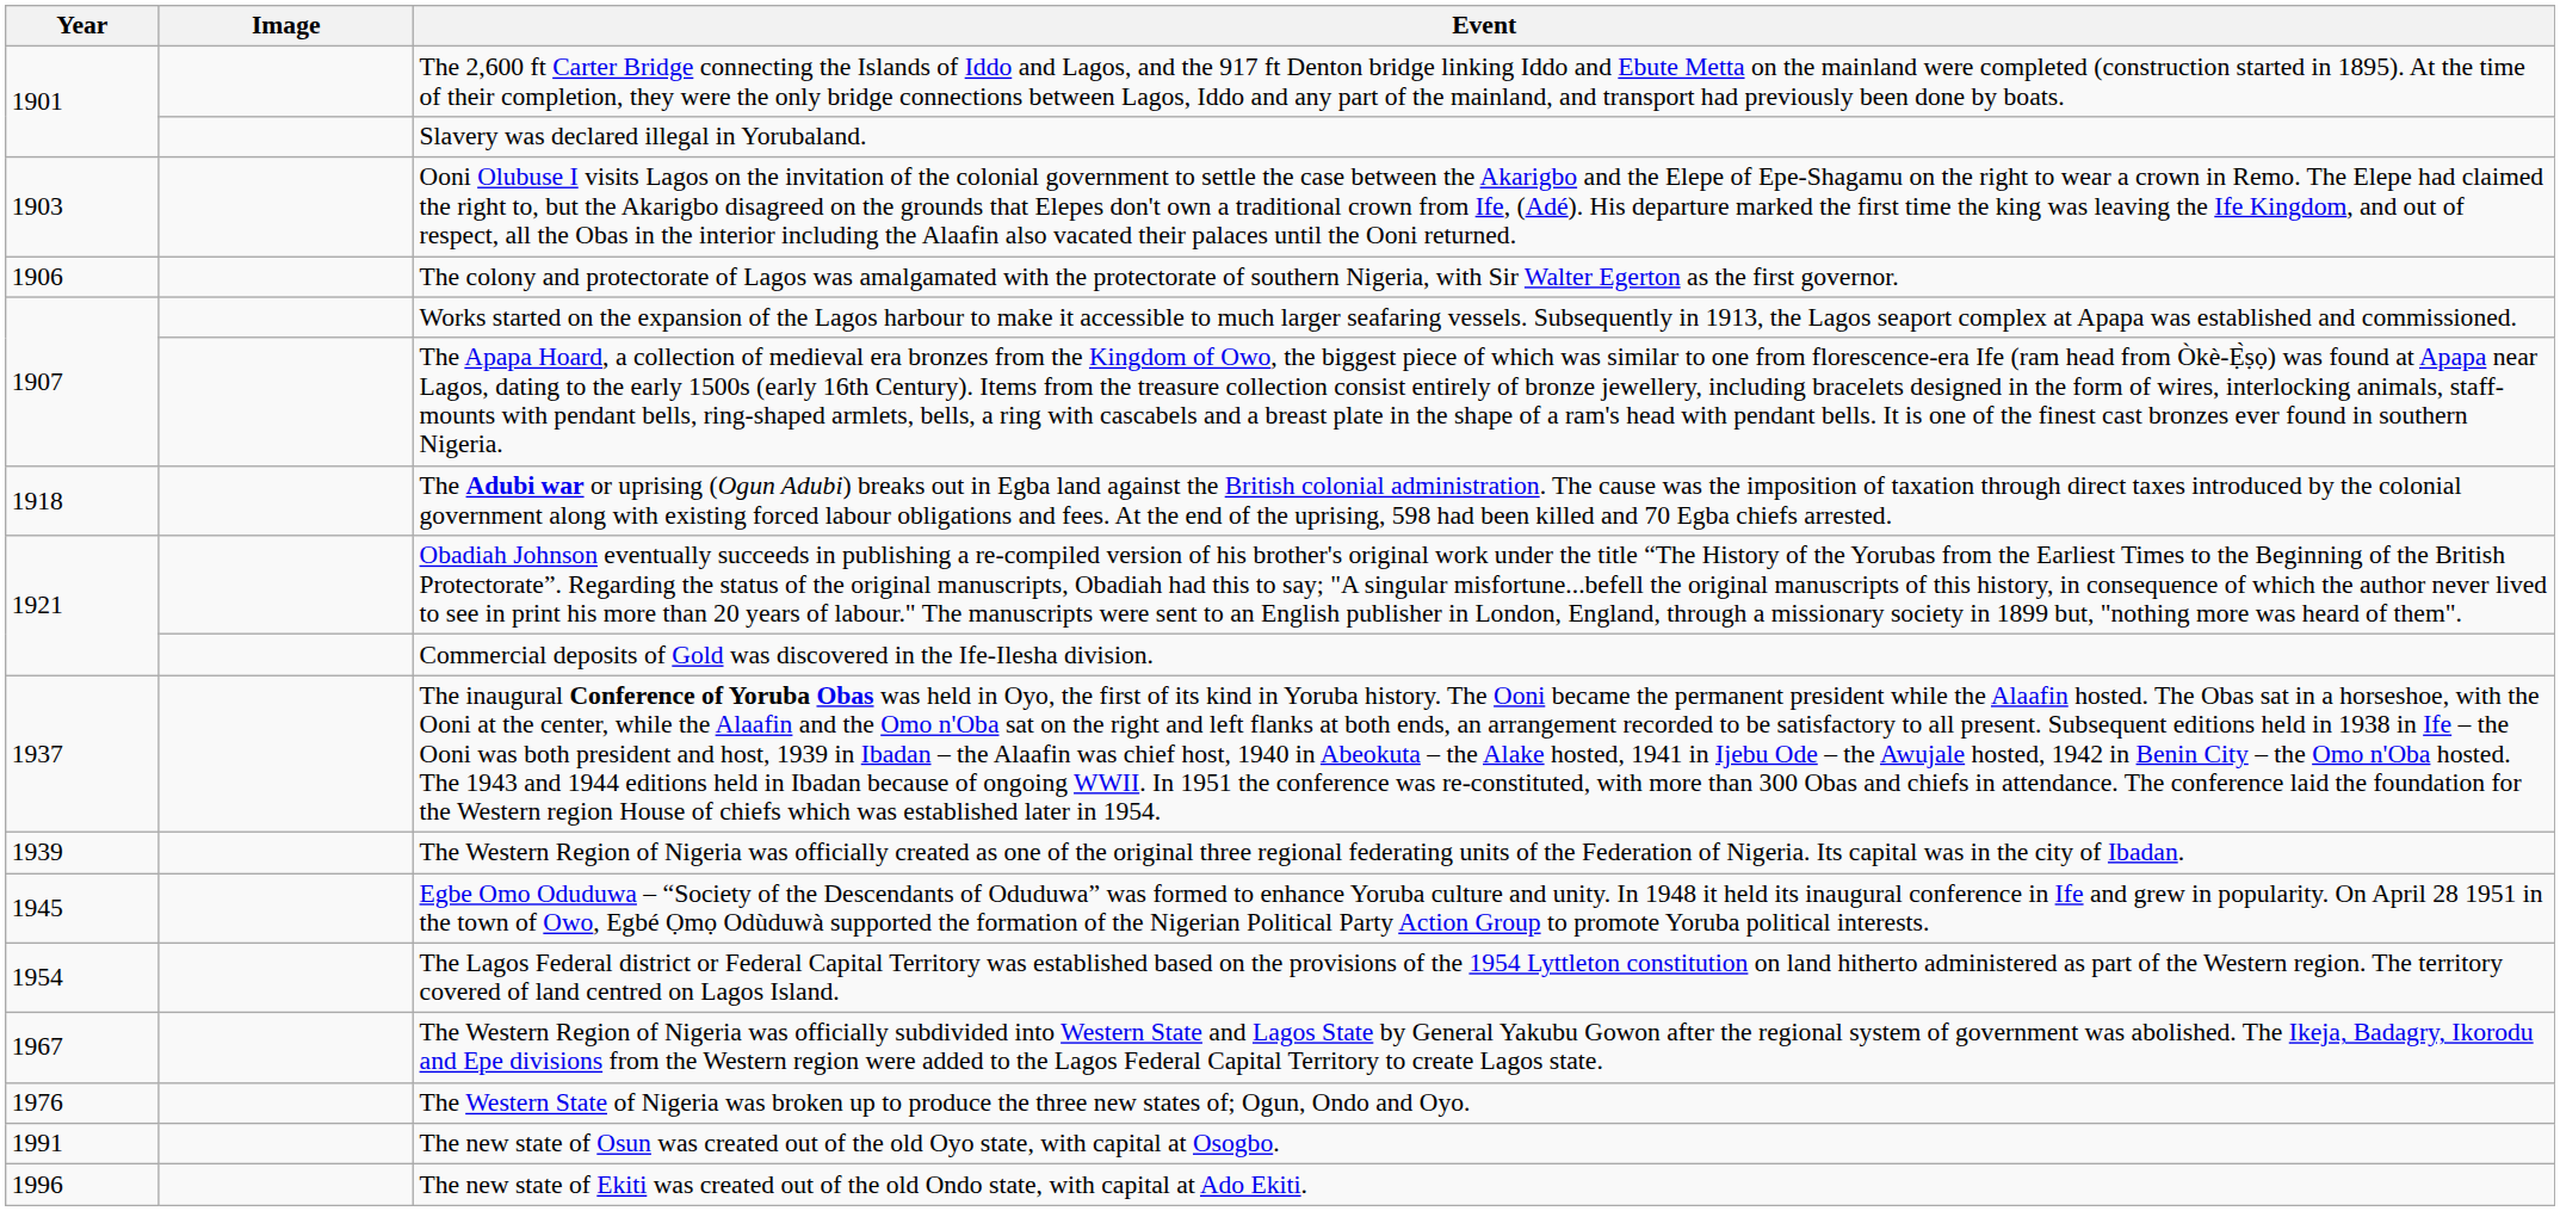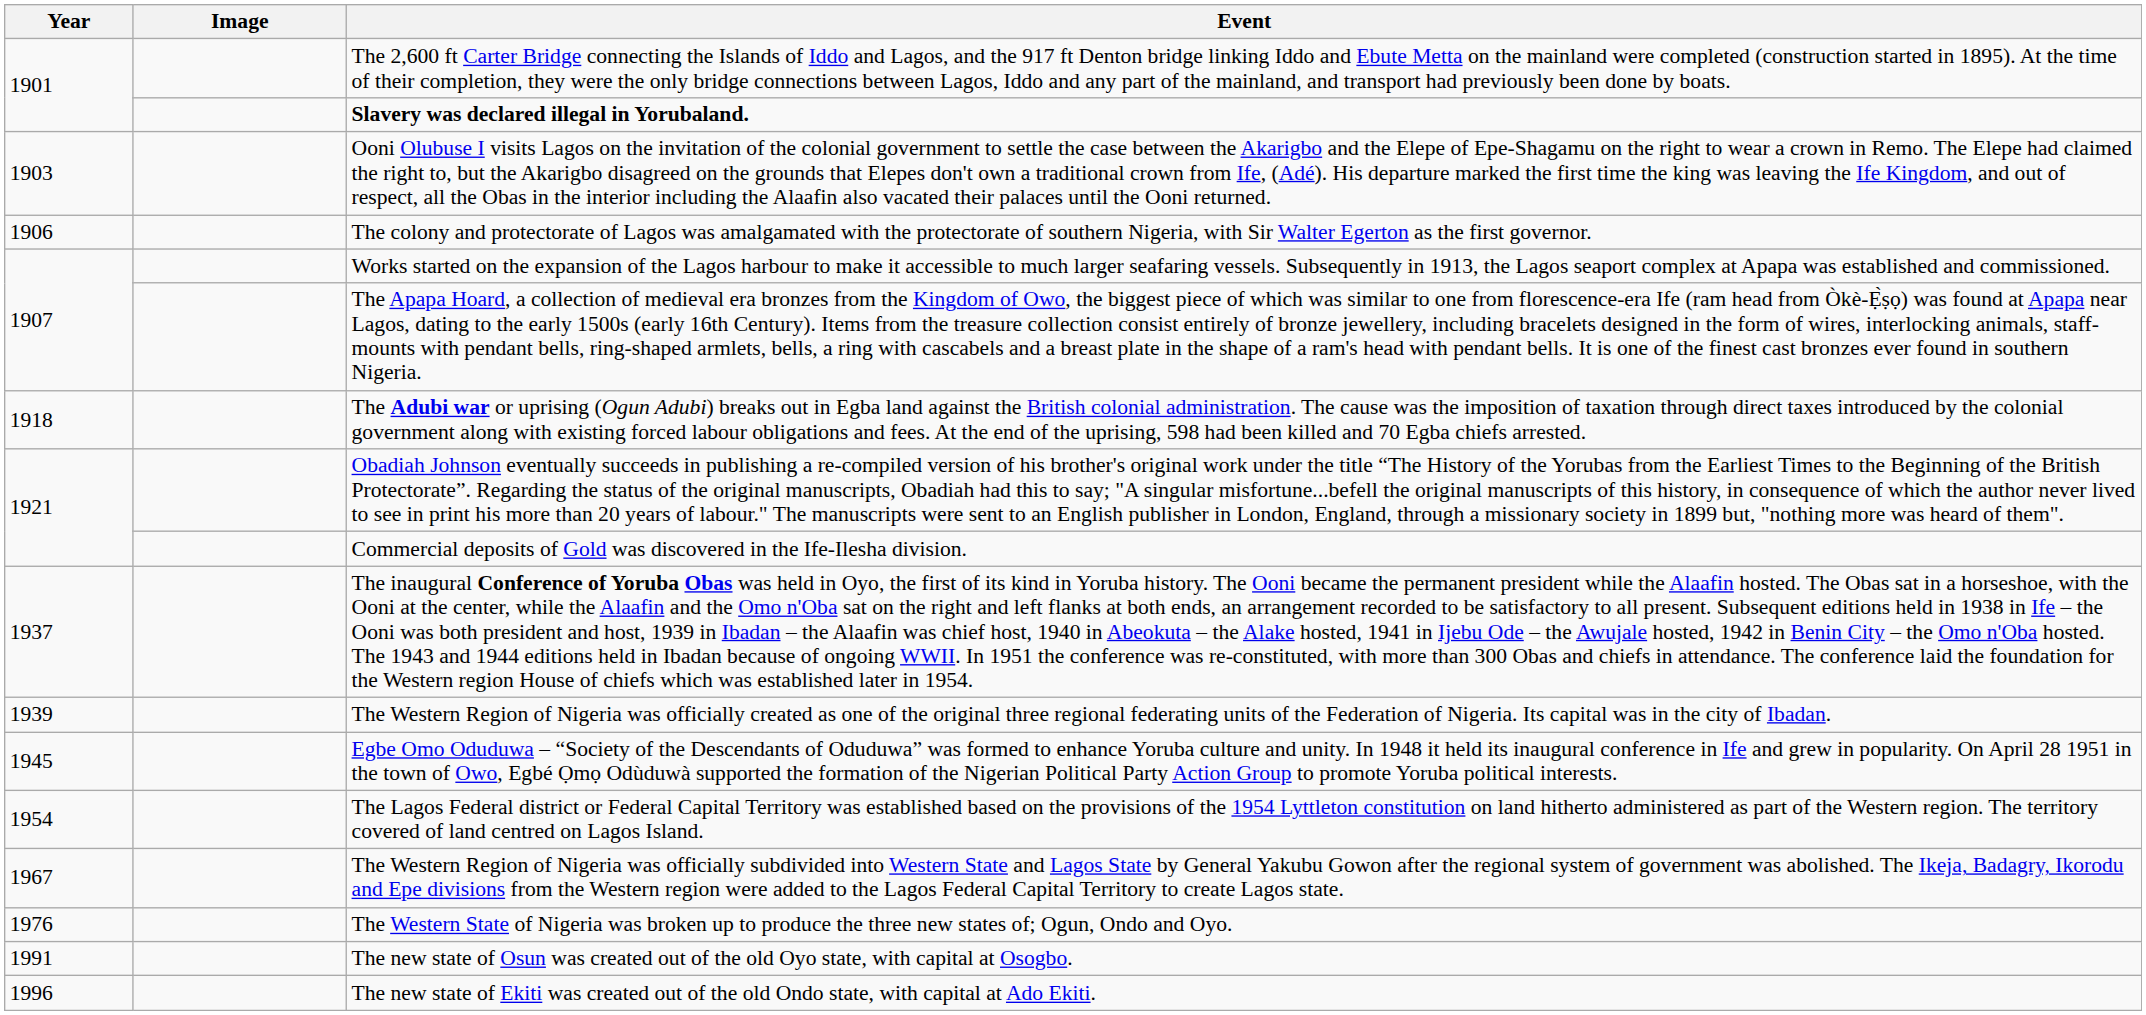 <table class="wikitable" width="100%">
 <tr>
 <th style="width:6%">Year</th>
 <th style="width:10%">Image</th>
 <th>Event</th>
 </tr>
 <tr>
 <td rowspan="2" valign="middle">1901</td>
 <td></td>
 <td>The 2,600 ft <a href='#'>Carter Bridge</a> connecting the Islands of <a href='#'>Iddo</a> and Lagos, and the 917 ft Denton bridge linking Iddo and <a href='#'>Ebute Metta</a> on the mainland were completed (construction started in 1895). At the time of their completion, they were the only bridge connections between Lagos, Iddo and any part of the mainland, and transport had previously been done by boats.</td>
 </tr>
 <tr>
 <td><small></small></td>
-<td>Slavery was declared illegal in Yorubaland.</td>
+<td><strong>Slavery was declared illegal in Yorubaland.</strong></td>
 </tr>
 <tr>
 <td>1903</td>
 <td><small></small></td>
 <td>Ooni <a href='#'>Olubuse I</a> visits Lagos on the invitation of the colonial government to settle the case between the <a href='#'>Akarigbo</a> and the Elepe of Epe-Shagamu on the right to wear a crown in Remo. The Elepe had claimed the right to, but the Akarigbo disagreed on the grounds that Elepes don't own a traditional crown from <a href='#'>Ife</a>, (<a href='#'>Adé</a>). His departure marked the first time the king was leaving the <a href='#'>Ife Kingdom</a>, and out of respect, all the Obas in the interior including the Alaafin also vacated their palaces until the Ooni returned.</td>
 </tr>
 <tr>
 <td>1906</td>
 <td><small></small></td>
 <td>The colony and protectorate of Lagos was amalgamated with the protectorate of southern Nigeria, with Sir <a href='#'>Walter Egerton</a> as the first governor.</td>
 </tr>
 <tr>
 <td rowspan="2" valign="middle">1907</td>
 <td></td>
 <td>Works started on the expansion of the Lagos harbour to make it accessible to much larger seafaring vessels. Subsequently in 1913, the Lagos seaport complex at Apapa was established and commissioned.</td>
 </tr>
 <tr>
 <td></td>
 <td>The <a href='#'>Apapa Hoard</a>, a collection of medieval era bronzes from the <a href='#'>Kingdom of Owo</a>, the biggest piece of which was similar to one from florescence-era Ife (ram head from Òkè-Ẹ̀ṣọ) was found at <a href='#'>Apapa</a> near Lagos, dating to the early 1500s (early 16th Century). Items from the treasure collection consist entirely of bronze jewellery, including bracelets designed in the form of wires, interlocking animals, staff-mounts with pendant bells, ring-shaped armlets, bells, a ring with cascabels and a breast plate in the shape of a ram's head with pendant bells. It is one of the finest cast bronzes ever found in southern Nigeria.</td>
 </tr>
 <tr>
 <td>1918</td>
 <td><small></small></td>
 <td>The <strong><a href='#'>Adubi war</a></strong> or uprising (<em>Ogun Adubi</em>) breaks out in Egba land against the <a href='#'>British colonial administration</a>. The cause was the imposition of taxation through direct taxes introduced by the colonial government along with existing forced labour obligations and fees. At the end of the uprising, 598 had been killed and 70 Egba chiefs arrested.</td>
 </tr>
 <tr>
 <td rowspan="2" valign="middle">1921</td>
 <td></td>
 <td><a href='#'>Obadiah Johnson</a> eventually succeeds in publishing a re-compiled version of his brother's original work under the title “The History of the Yorubas from the Earliest Times to the Beginning of the British Protectorate”. Regarding the status of the original manuscripts, Obadiah had this to say; "A singular misfortune...befell the original manuscripts of this history, in consequence of which the author never lived to see in print his more than 20 years of labour." The manuscripts were sent to an English publisher in London, England, through a missionary society in 1899 but, "nothing more was heard of them".</td>
 </tr>
 <tr>
 <td></td>
 <td>Commercial deposits of <a href='#'>Gold</a> was discovered in the Ife-Ilesha division.</td>
 </tr>
 <tr>
 <td>1937</td>
 <td><small></small></td>
 <td>The inaugural <strong>Conference of Yoruba <a href='#'>Obas</a></strong> was held in Oyo, the first of its kind in Yoruba history. The <a href='#'>Ooni</a> became the permanent president while the <a href='#'>Alaafin</a> hosted. The Obas sat in a horseshoe, with the Ooni at the center, while the <a href='#'>Alaafin</a> and the <a href='#'>Omo n'Oba</a> sat on the right and left flanks at both ends, an arrangement recorded to be satisfactory to all present. Subsequent editions held in 1938 in <a href='#'>Ife</a> – the Ooni was both president and host, 1939 in <a href='#'>Ibadan</a> – the Alaafin was chief host, 1940 in <a href='#'>Abeokuta</a> – the <a href='#'>Alake</a> hosted, 1941 in <a href='#'>Ijebu Ode</a> – the <a href='#'>Awujale</a> hosted, 1942 in <a href='#'>Benin City</a> – the <a href='#'>Omo n'Oba</a> hosted. The 1943 and 1944 editions held in Ibadan because of ongoing <a href='#'>WWII</a>. In 1951 the conference was re-constituted, with more than 300 Obas and chiefs in attendance. The conference laid the foundation for the Western region House of chiefs which was established later in 1954.</td>
 </tr>
 <tr>
 <td>1939</td>
 <td><small></small></td>
 <td>The Western Region of Nigeria was officially created as one of the original three regional federating units of the Federation of Nigeria. Its capital was in the city of <a href='#'>Ibadan</a>.</td>
 </tr>
 <tr>
 <td>1945</td>
 <td></td>
 <td><a href='#'>Egbe Omo Oduduwa</a> – “Society of the Descendants of Oduduwa” was formed to enhance Yoruba culture and unity. In 1948 it held its inaugural conference in <a href='#'>Ife</a> and grew in popularity. On April 28 1951 in the town of <a href='#'>Owo</a>, Egbé Ọmọ Odùduwà supported the formation of the Nigerian Political Party <a href='#'>Action Group</a> to promote Yoruba political interests.</td>
 </tr>
 <tr>
 <td>1954</td>
 <td><small></small></td>
 <td>The Lagos Federal district or Federal Capital Territory was established based on the provisions of the <a href='#'>1954 Lyttleton constitution</a> on land hitherto administered as part of the Western region. The territory covered  of land centred on Lagos Island.</td>
 </tr>
 <tr>
 <td>1967</td>
 <td><small></small></td>
 <td>The Western Region of Nigeria was officially subdivided into <a href='#'>Western State</a> and <a href='#'>Lagos State</a> by General Yakubu Gowon after the regional system of government was abolished. The <a href='#'>Ikeja, Badagry, Ikorodu and Epe divisions</a> from the Western region were added to the Lagos Federal Capital Territory to create Lagos state.</td>
 </tr>
 <tr>
 <td>1976</td>
 <td><small></small></td>
 <td>The <a href='#'>Western State</a> of Nigeria was broken up to produce the three new states of; Ogun, Ondo and Oyo.</td>
 </tr>
 <tr>
 <td>1991</td>
 <td><small></small></td>
 <td>The new state of <a href='#'>Osun</a> was created out of the old Oyo state, with capital at <a href='#'>Osogbo</a>.</td>
 </tr>
 <tr>
 <td>1996</td>
 <td><small></small></td>
 <td>The new state of <a href='#'>Ekiti</a> was created out of the old Ondo state, with capital at <a href='#'>Ado Ekiti</a>.</td>
 </tr>
 </table>
